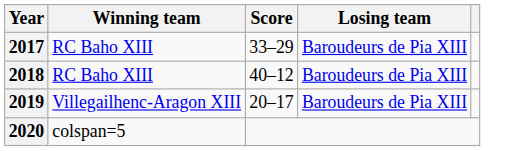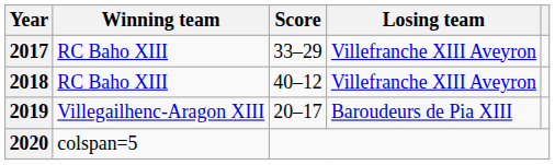 <table class="wikitable defaultleft col3center">
 <tr>
 <th scope="col">Year</th>
 <th scope="col">Winning team</th>
 <th scope="col">Score</th>
 <th scope="col">Losing team</th>
 <th scope="col"></th>
 </tr>
 <tr>
 <th scope="row">2017</th>
 <td> <a href='#'>RC Baho XIII</a></td>
 <td>33–29</td>
-<td> <a href='#'>Baroudeurs de Pia XIII</a></td>
+<td> <a href='#'>Villefranche XIII Aveyron</a></td>
 <td></td>
 </tr>
 <tr>
 <th scope="row">2018</th>
 <td> <a href='#'>RC Baho XIII</a></td>
 <td>40–12</td>
-<td> <a href='#'>Baroudeurs de Pia XIII</a></td>
+<td> <a href='#'>Villefranche XIII Aveyron</a></td>
 <td></td>
 </tr>
 <tr>
 <th scope="row">2019</th>
 <td> <a href='#'>Villegailhenc-Aragon XIII</a></td>
 <td>20–17</td>
 <td> <a href='#'>Baroudeurs de Pia XIII</a></td>
 <td></td>
 </tr>
 <tr>
 <th scope="row">2020</th>
 <td>colspan=5 </td>
 </tr>
 </table>
